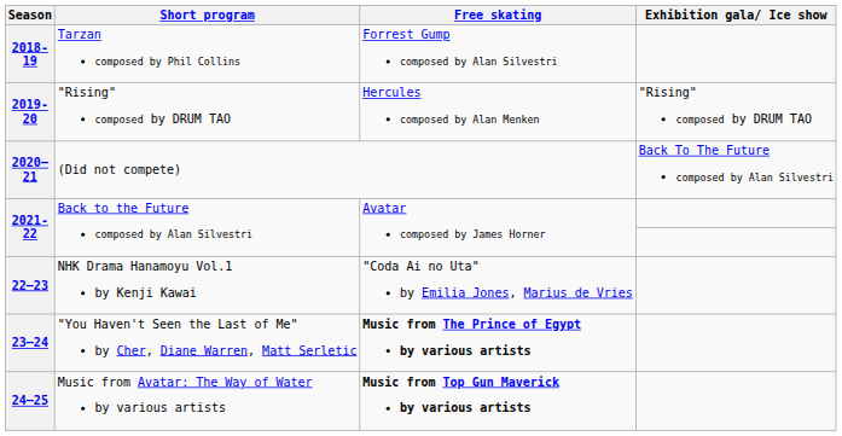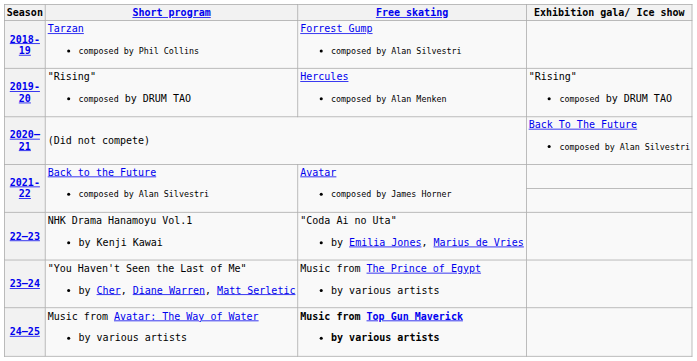 <table class="wikitable">
 <tr>
 <th scope="col" width="20px">Season</th>
 <th scope="col"><a href='#'>Short program</a></th>
 <th scope="col"><a href='#'>Free skating</a></th>
 <th>Exhibition gala/ Ice show</th>
 </tr>
 <tr>
 <th scope="row"><a href='#'>2018-19</a></th>
 <td><a href='#'>Tarzan</a><br><ul><li><small>composed by Phil Collins</small></li></ul></td>
 <td><a href='#'>Forrest Gump</a><br><ul><li><small>composed by Alan Silvestri</small></li></ul></td>
 </tr>
 <tr>
 <th scope="row"><a href='#'>2019-20</a></th>
 <td>"Rising"<br><ul><li><small>composed</small> by DRUM TAO</li></ul></td>
 <td><a href='#'>Hercules</a><br><ul><li><small>composed by  Alan Menken</small></li></ul></td>
 <td>"Rising"<br><ul><li><small>composed</small> by DRUM TAO</li></ul></td>
 </tr>
 <tr>
 <th scope="row"><a href='#'>2020–21</a></th>
 <td colspan="2">(Did not compete)</td>
 <td><a href='#'>Back To The Future</a><br><ul><li><small>composed by Alan Silvestri</small></li></ul></td>
 </tr>
 <tr>
 <th rowspan="2" scope="row"><a href='#'>2021-22</a></th>
 <td rowspan="2"><a href='#'>Back to the Future</a><br><ul><li><small>composed by Alan Silvestri</small></li></ul></td>
 <td rowspan="2"><a href='#'>Avatar</a><br><ul><li><small>composed by James Horner</small></li></ul></td>
 <td></td>
 </tr>
 <tr>
 <td></td>
 </tr>
 <tr>
 <th><a href='#'>22–23</a></th>
 <td>NHK Drama Hanamoyu Vol.1<br><ul><li>by Kenji Kawai</li></ul></td>
 <td>"Coda Ai no Uta"<br><ul><li>by <a href='#'>Emilia Jones</a>, <a href='#'>Marius de Vries</a></li></ul></td>
 <td></td>
 </tr>
 <tr>
 <th><a href='#'>23–24</a></th>
 <td>"You Haven't Seen the Last of Me"<br><ul><li>by <a href='#'>Cher</a>, <a href='#'>Diane Warren</a>, <a href='#'>Matt Serletic</a></li></ul></td>
-<td><strong>Music from <a href='#'>The Prince of Egypt</a><br><ul><li>by various artists</li></ul></strong></td>
+<td>Music from <a href='#'>The Prince of Egypt</a><br><ul><li>by various artists</li></ul></td>
 <td></td>
 </tr>
 <tr>
 <th><a href='#'>24–25</a></th>
 <td>Music from <a href='#'>Avatar: The Way of Water</a><br><ul><li>by various artists</li></ul></td>
 <td><strong>Music from <a href='#'>Top Gun Maverick</a><br><ul><li>by various artists</li></ul></strong></td>
 <td></td>
 </tr>
 </table>
